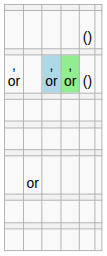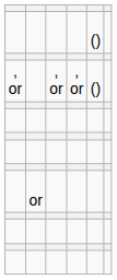 <table class="wikitable" style="text-align: center;">
 <tr>
 <th></th>
 <th></th>
 <th></th>
 <th></th>
 <th></th>
 <th></th>
 </tr>
 <tr>
 <td><br></td>
 <td><br></td>
 <td><br></td>
 <td><br></td>
 <td><br>()</td>
 <td></td>
 </tr>
 <tr>
 <th></th>
 <th></th>
 <th></th>
 <th></th>
 <th></th>
 <th></th>
 </tr>
 <tr>
 <td>, <br> or  </td>
 <td> <br> </td>
-<td style="background: lightblue;">, <br> or  </td>
-<td style="background: lightgreen;">, <br> or  </td>
+<td>, <br> or  </td>
+<td>, <br> or  </td>
 <td> <br>()</td>
 <td></td>
 </tr>
 <tr>
 <th></th>
 <th></th>
 <th></th>
 <th></th>
 <th></th>
 <th></th>
 </tr>
 <tr>
 <td><br> </td>
 <td><br> </td>
 <td><br> </td>
 <td><br> </td>
 <td><br></td>
 <td></td>
 </tr>
 <tr>
 <th></th>
 <th></th>
 <th></th>
 <th></th>
 <th></th>
 <th></th>
 </tr>
 <tr>
 <td><br> </td>
 <td><br> </td>
 <td><br> </td>
 <td><br> </td>
 <td><br></td>
 <td></td>
 </tr>
 <tr>
 <th></th>
 <th></th>
 <th></th>
 <th></th>
 <th></th>
 <th></th>
 </tr>
 <tr>
 <td><br> </td>
 <td><br> or  </td>
 <td><br> </td>
 <td><br> </td>
 <td><br></td>
 <td></td>
 </tr>
 <tr>
 <th></th>
 <th></th>
 <th></th>
 <th></th>
 <th></th>
 <th></th>
 </tr>
 <tr>
 <td><br> </td>
 <td><br></td>
 <td><br> </td>
 <td><br></td>
 <td><br> </td>
 <td></td>
 </tr>
 <tr>
 <th></th>
 <th></th>
 <th></th>
 <th></th>
 <th></th>
 <th></th>
 </tr>
 <tr>
 <td><br></td>
 <td><br> </td>
 <td><br> </td>
 <td><br> </td>
 <td><br></td>
 <td><br></td>
 </tr>
 </table>
